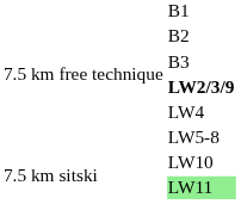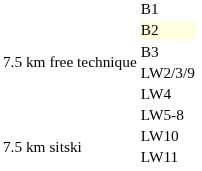 <table>
 <tr>
 <td rowspan="6">7.5 km free technique</td>
 <td>B1<br></td>
 <td></td>
 <td></td>
 <td></td>
 </tr>
 <tr>
-<td>B2<br></td>
+<td style="background: lightyellow;">B2<br></td>
 <td></td>
 <td></td>
 <td></td>
 </tr>
 <tr>
 <td>B3<br></td>
 <td></td>
 <td></td>
 <td></td>
 </tr>
 <tr>
-<td><strong>LW2/3/9<br></strong></td>
+<td>LW2/3/9<br></td>
 <td></td>
 <td></td>
 <td></td>
 </tr>
 <tr>
 <td>LW4<br></td>
 <td></td>
 <td></td>
 <td></td>
 </tr>
 <tr>
 <td>LW5-8<br></td>
 <td></td>
 <td></td>
 <td></td>
 </tr>
 <tr>
 <td rowspan="2">7.5 km sitski</td>
 <td>LW10<br></td>
 <td></td>
 <td></td>
 <td></td>
 </tr>
 <tr>
-<td style="background: lightgreen;">LW11<br></td>
+<td>LW11<br></td>
 <td></td>
 <td></td>
 <td></td>
 </tr>
 </table>
